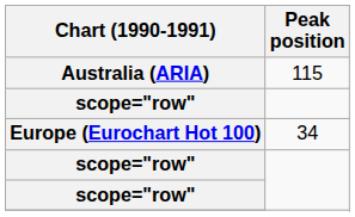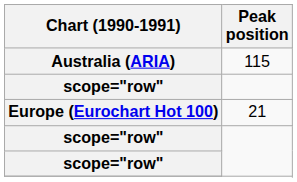 <table class="wikitable sortable plainrowheaders">
 <tr>
 <th>Chart (1990-1991)</th>
 <th>Peak<br>position</th>
 </tr>
 <tr>
 <th scope="row">Australia (<a href='#'>ARIA</a>)</th>
 <td align="center">115</td>
 </tr>
 <tr>
 <th>scope="row"</th>
 </tr>
 <tr>
 <th scope="row">Europe (<a href='#'>Eurochart Hot 100</a>)</th>
-<td align="center">34</td>
+<td align="center">21</td>
 </tr>
 <tr>
 <th>scope="row"</th>
 </tr>
 <tr>
 <th>scope="row"</th>
 </tr>
 <tr>
 </tr>
 </table>
